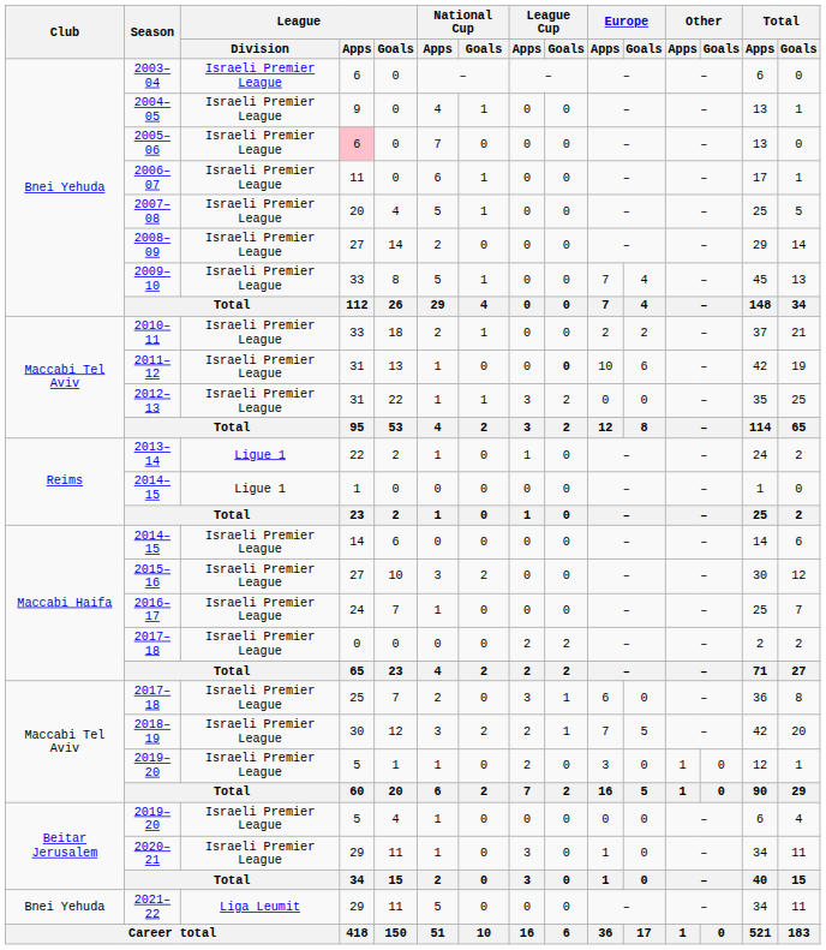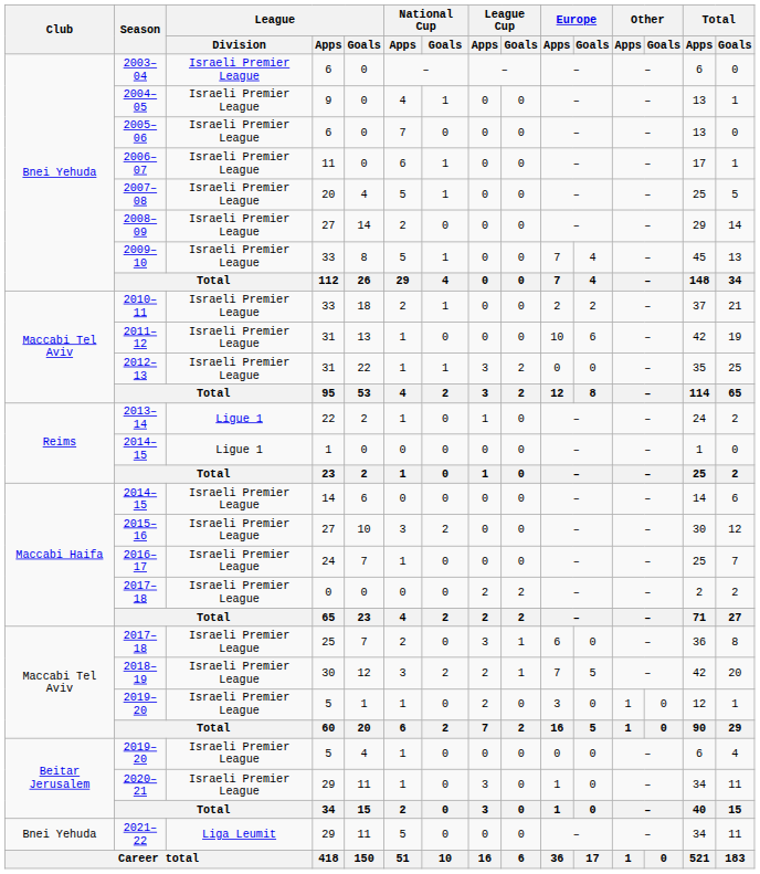 <table class="wikitable" style="text-align:center">
 <tr>
 <th rowspan="2">Club</th>
 <th rowspan="2">Season</th>
 <th colspan="3">League</th>
 <th colspan="2">National Cup</th>
 <th colspan="2">League Cup</th>
 <th colspan="2"><a href='#'>Europe</a></th>
 <th colspan="2">Other</th>
 <th colspan="2">Total</th>
 </tr>
 <tr>
 <th>Division</th>
 <th>Apps</th>
 <th>Goals</th>
 <th>Apps</th>
 <th>Goals</th>
 <th>Apps</th>
 <th>Goals</th>
 <th>Apps</th>
 <th>Goals</th>
 <th>Apps</th>
 <th>Goals</th>
 <th>Apps</th>
 <th>Goals</th>
 </tr>
 <tr>
 <td rowspan="8"><a href='#'>Bnei Yehuda</a></td>
 <td><a href='#'>2003–04</a></td>
 <td><a href='#'>Israeli Premier League</a></td>
 <td>6</td>
 <td>0</td>
 <td colspan="2">–</td>
 <td colspan="2">–</td>
 <td colspan="2">–</td>
 <td colspan="2">–</td>
 <td>6</td>
 <td>0</td>
 </tr>
 <tr>
 <td><a href='#'>2004–05</a></td>
 <td>Israeli Premier League</td>
 <td>9</td>
 <td>0</td>
 <td>4</td>
 <td>1</td>
 <td>0</td>
 <td>0</td>
 <td colspan="2">–</td>
 <td colspan="2">–</td>
 <td>13</td>
 <td>1</td>
 </tr>
 <tr>
 <td><a href='#'>2005–06</a></td>
 <td>Israeli Premier League</td>
-<td style="background: pink;">6</td>
+<td>6</td>
 <td>0</td>
 <td>7</td>
 <td>0</td>
 <td>0</td>
 <td>0</td>
 <td colspan="2">–</td>
 <td colspan="2">–</td>
 <td>13</td>
 <td>0</td>
 </tr>
 <tr>
 <td><a href='#'>2006–07</a></td>
 <td>Israeli Premier League</td>
 <td>11</td>
 <td>0</td>
 <td>6</td>
 <td>1</td>
 <td>0</td>
 <td>0</td>
 <td colspan="2">–</td>
 <td colspan="2">–</td>
 <td>17</td>
 <td>1</td>
 </tr>
 <tr>
 <td><a href='#'>2007–08</a></td>
 <td>Israeli Premier League</td>
 <td>20</td>
 <td>4</td>
 <td>5</td>
 <td>1</td>
 <td>0</td>
 <td>0</td>
 <td colspan="2">–</td>
 <td colspan="2">–</td>
 <td>25</td>
 <td>5</td>
 </tr>
 <tr>
 <td><a href='#'>2008–09</a></td>
 <td>Israeli Premier League</td>
 <td>27</td>
 <td>14</td>
 <td>2</td>
 <td>0</td>
 <td>0</td>
 <td>0</td>
 <td colspan="2">–</td>
 <td colspan="2">–</td>
 <td>29</td>
 <td>14</td>
 </tr>
 <tr>
 <td><a href='#'>2009–10</a></td>
 <td>Israeli Premier League</td>
 <td>33</td>
 <td>8</td>
 <td>5</td>
 <td>1</td>
 <td>0</td>
 <td>0</td>
 <td>7</td>
 <td>4</td>
 <td colspan="2">–</td>
 <td>45</td>
 <td>13</td>
 </tr>
 <tr>
 <th colspan="2">Total</th>
 <th>112</th>
 <th>26</th>
 <th>29</th>
 <th>4</th>
 <th>0</th>
 <th>0</th>
 <th>7</th>
 <th>4</th>
 <th colspan="2">–</th>
 <th>148</th>
 <th>34</th>
 </tr>
 <tr>
 <td rowspan="4"><a href='#'>Maccabi Tel Aviv</a></td>
 <td><a href='#'>2010–11</a></td>
 <td>Israeli Premier League</td>
 <td>33</td>
 <td>18</td>
 <td>2</td>
 <td>1</td>
 <td>0</td>
 <td>0</td>
 <td>2</td>
 <td>2</td>
 <td colspan="2">–</td>
 <td>37</td>
 <td>21</td>
 </tr>
 <tr>
 <td><a href='#'>2011–12</a></td>
 <td>Israeli Premier League</td>
 <td>31</td>
 <td>13</td>
 <td>1</td>
 <td>0</td>
 <td>0</td>
-<td><strong>0</strong></td>
+<td>0</td>
 <td>10</td>
 <td>6</td>
 <td colspan="2">–</td>
 <td>42</td>
 <td>19</td>
 </tr>
 <tr>
 <td><a href='#'>2012–13</a></td>
 <td>Israeli Premier League</td>
 <td>31</td>
 <td>22</td>
 <td>1</td>
 <td>1</td>
 <td>3</td>
 <td>2</td>
 <td>0</td>
 <td>0</td>
 <td colspan="2">–</td>
 <td>35</td>
 <td>25</td>
 </tr>
 <tr>
 <th colspan="2">Total</th>
 <th>95</th>
 <th>53</th>
 <th>4</th>
 <th>2</th>
 <th>3</th>
 <th>2</th>
 <th>12</th>
 <th>8</th>
 <th colspan="2">–</th>
 <th>114</th>
 <th>65</th>
 </tr>
 <tr>
 <td rowspan="3"><a href='#'>Reims</a></td>
 <td><a href='#'>2013–14</a></td>
 <td><a href='#'>Ligue 1</a></td>
 <td>22</td>
 <td>2</td>
 <td>1</td>
 <td>0</td>
 <td>1</td>
 <td>0</td>
 <td colspan="2">–</td>
 <td colspan="2">–</td>
 <td>24</td>
 <td>2</td>
 </tr>
 <tr>
 <td><a href='#'>2014–15</a></td>
 <td>Ligue 1</td>
 <td>1</td>
 <td>0</td>
 <td>0</td>
 <td>0</td>
 <td>0</td>
 <td>0</td>
 <td colspan="2">–</td>
 <td colspan="2">–</td>
 <td>1</td>
 <td>0</td>
 </tr>
 <tr>
 <th colspan="2">Total</th>
 <th>23</th>
 <th>2</th>
 <th>1</th>
 <th>0</th>
 <th>1</th>
 <th>0</th>
 <th colspan="2">–</th>
 <th colspan="2">–</th>
 <th>25</th>
 <th>2</th>
 </tr>
 <tr>
 <td rowspan="5"><a href='#'>Maccabi Haifa</a></td>
 <td><a href='#'>2014–15</a></td>
 <td>Israeli Premier League</td>
 <td>14</td>
 <td>6</td>
 <td>0</td>
 <td>0</td>
 <td>0</td>
 <td>0</td>
 <td colspan="2">–</td>
 <td colspan="2">–</td>
 <td>14</td>
 <td>6</td>
 </tr>
 <tr>
 <td><a href='#'>2015–16</a></td>
 <td>Israeli Premier League</td>
 <td>27</td>
 <td>10</td>
 <td>3</td>
 <td>2</td>
 <td>0</td>
 <td>0</td>
 <td colspan="2">–</td>
 <td colspan="2">–</td>
 <td>30</td>
 <td>12</td>
 </tr>
 <tr>
 <td><a href='#'>2016–17</a></td>
 <td>Israeli Premier League</td>
 <td>24</td>
 <td>7</td>
 <td>1</td>
 <td>0</td>
 <td>0</td>
 <td>0</td>
 <td colspan="2">–</td>
 <td colspan="2">–</td>
 <td>25</td>
 <td>7</td>
 </tr>
 <tr>
 <td><a href='#'>2017–18</a></td>
 <td>Israeli Premier League</td>
 <td>0</td>
 <td>0</td>
 <td>0</td>
 <td>0</td>
 <td>2</td>
 <td>2</td>
 <td colspan="2">–</td>
 <td colspan="2">–</td>
 <td>2</td>
 <td>2</td>
 </tr>
 <tr>
 <th colspan="2">Total</th>
 <th>65</th>
 <th>23</th>
 <th>4</th>
 <th>2</th>
 <th>2</th>
 <th>2</th>
 <th colspan="2">–</th>
 <th colspan="2">–</th>
 <th>71</th>
 <th>27</th>
 </tr>
 <tr>
 <td rowspan="4">Maccabi Tel Aviv</td>
 <td><a href='#'>2017–18</a></td>
 <td>Israeli Premier League</td>
 <td>25</td>
 <td>7</td>
 <td>2</td>
 <td>0</td>
 <td>3</td>
 <td>1</td>
 <td>6</td>
 <td>0</td>
 <td colspan="2">–</td>
 <td>36</td>
 <td>8</td>
 </tr>
 <tr>
 <td><a href='#'>2018–19</a></td>
 <td>Israeli Premier League</td>
 <td>30</td>
 <td>12</td>
 <td>3</td>
 <td>2</td>
 <td>2</td>
 <td>1</td>
 <td>7</td>
 <td>5</td>
 <td colspan="2">–</td>
 <td>42</td>
 <td>20</td>
 </tr>
 <tr>
 <td><a href='#'>2019–20</a></td>
 <td>Israeli Premier League</td>
 <td>5</td>
 <td>1</td>
 <td>1</td>
 <td>0</td>
 <td>2</td>
 <td>0</td>
 <td>3</td>
 <td>0</td>
 <td>1</td>
 <td>0</td>
 <td>12</td>
 <td>1</td>
 </tr>
 <tr>
 <th colspan="2">Total</th>
 <th>60</th>
 <th>20</th>
 <th>6</th>
 <th>2</th>
 <th>7</th>
 <th>2</th>
 <th>16</th>
 <th>5</th>
 <th>1</th>
 <th>0</th>
 <th>90</th>
 <th>29</th>
 </tr>
 <tr>
 <td rowspan="3"><a href='#'>Beitar Jerusalem</a></td>
 <td><a href='#'>2019–20</a></td>
 <td>Israeli Premier League</td>
 <td>5</td>
 <td>4</td>
 <td>1</td>
 <td>0</td>
 <td>0</td>
 <td>0</td>
 <td>0</td>
 <td>0</td>
 <td colspan="2">–</td>
 <td>6</td>
 <td>4</td>
 </tr>
 <tr>
 <td><a href='#'>2020–21</a></td>
 <td>Israeli Premier League</td>
 <td>29</td>
 <td>11</td>
 <td>1</td>
 <td>0</td>
 <td>3</td>
 <td>0</td>
 <td>1</td>
 <td>0</td>
 <td colspan="2">–</td>
 <td>34</td>
 <td>11</td>
 </tr>
 <tr>
 <th colspan="2">Total</th>
 <th>34</th>
 <th>15</th>
 <th>2</th>
 <th>0</th>
 <th>3</th>
 <th>0</th>
 <th>1</th>
 <th>0</th>
 <th colspan="2">–</th>
 <th>40</th>
 <th>15</th>
 </tr>
 <tr>
 <td>Bnei Yehuda</td>
 <td><a href='#'>2021–22</a></td>
 <td><a href='#'>Liga Leumit</a></td>
 <td>29</td>
 <td>11</td>
 <td>5</td>
 <td>0</td>
 <td>0</td>
 <td>0</td>
 <td colspan="2">–</td>
 <td colspan="2">–</td>
 <td>34</td>
 <td>11</td>
 </tr>
 <tr>
 <th colspan="3">Career total</th>
 <th>418</th>
 <th>150</th>
 <th>51</th>
 <th>10</th>
 <th>16</th>
 <th>6</th>
 <th>36</th>
 <th>17</th>
 <th>1</th>
 <th>0</th>
 <th>521</th>
 <th>183</th>
 </tr>
 </table>
